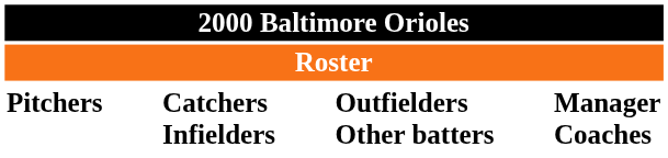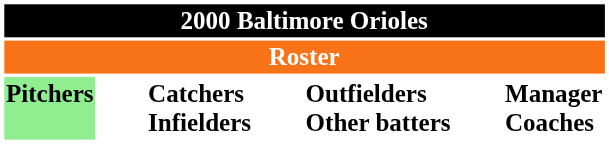 <table class="toccolours" style="font-size: 95%;">
 <tr>
 <th colspan="10" style="background-color: black; color: #FFFFFF; text-align: center;">2000 Baltimore Orioles</th>
 </tr>
 <tr>
 <td colspan="10" style="background-color: #F87217; color: white; text-align: center;"><strong>Roster</strong></td>
 </tr>
 <tr>
-<td valign="top"><strong>Pitchers</strong><br>                     </td>
+<td valign="top" style="background: lightgreen;"><strong>Pitchers</strong><br>                     </td>
 <td width="25px"></td>
 <td valign="top"><strong>Catchers</strong><br>     <strong>Infielders</strong>             </td>
 <td width="25px"></td>
 <td valign="top"><strong>Outfielders</strong><br>        <strong>Other batters</strong>  </td>
 <td width="25px"></td>
 <td valign="top"><strong>Manager</strong><br> <strong>Coaches</strong>       </td>
 </tr>
 </table>
